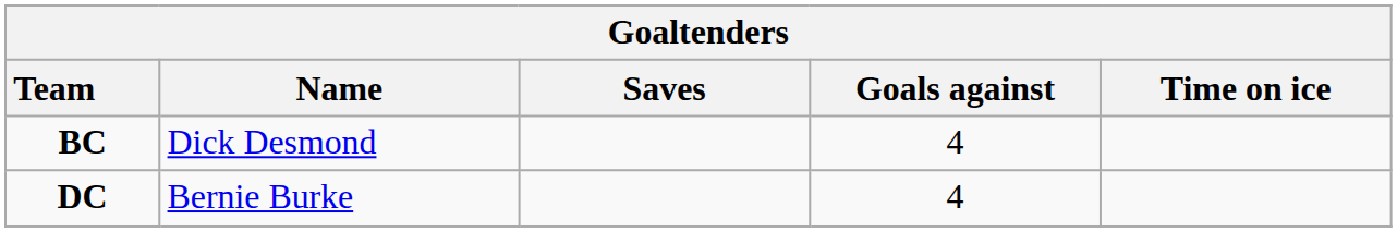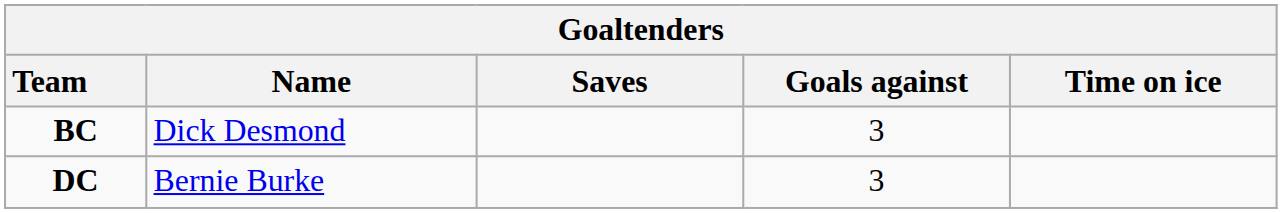 <table class="wikitable" style="width:40em; text-align:right;">
 <tr>
 <th colspan=5>Goaltenders</th>
 </tr>
 <tr>
 <th style="width:4em; text-align:left;">Team</th>
 <th style="width:10em;">Name</th>
 <th style="width:8em;">Saves</th>
 <th style="width:8em;">Goals against</th>
 <th style="width:8em;">Time on ice</th>
 </tr>
 <tr>
 <td align=center><strong>BC</strong></td>
 <td style="text-align:left;"><a href='#'>Dick Desmond</a></td>
 <td align=center></td>
-<td align=center>4</td>
+<td align=center>3</td>
 <td align=center></td>
 </tr>
 <tr>
 <td align=center><strong>DC</strong></td>
 <td style="text-align:left;"><a href='#'>Bernie Burke</a></td>
 <td align=center></td>
-<td align=center>4</td>
+<td align=center>3</td>
 <td align=center></td>
 </tr>
 </table>
